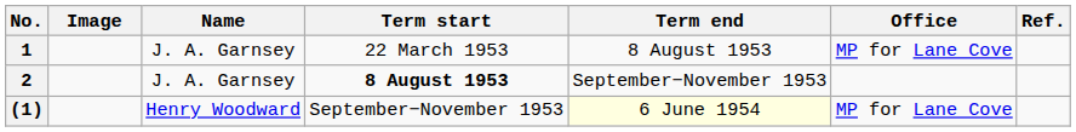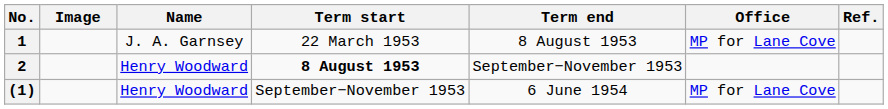 <table class="wikitable" style="text-align:center">
 <tr>
 <th>No.</th>
 <th width=60>Image</th>
 <th>Name</th>
 <th>Term start</th>
 <th>Term end</th>
 <th>Office</th>
 <th>Ref.</th>
 </tr>
 <tr>
 <th style="background:">1</th>
 <td></td>
 <td>J. A. Garnsey</td>
 <td>22 March 1953</td>
 <td>8 August 1953</td>
 <td><a href='#'>MP</a> for <a href='#'>Lane Cove</a><br> </td>
 <td></td>
 </tr>
 <tr>
 <th style="background:">2</th>
 <td></td>
-<td>J. A. Garnsey</td>
+<td><a href='#'>Henry Woodward</a> <br> </td>
 <td><strong>8 August 1953</strong></td>
 <td>September−November 1953</td>
 <td></td>
 <td></td>
 </tr>
 <tr>
 <th style="background:">(1)</th>
 <td></td>
 <td><a href='#'>Henry Woodward</a> <br> </td>
 <td>September−November 1953</td>
-<td style="background: lightyellow;">6 June 1954</td>
+<td>6 June 1954</td>
 <td><a href='#'>MP</a> for <a href='#'>Lane Cove</a><br> </td>
 <td></td>
 </tr>
 </table>
